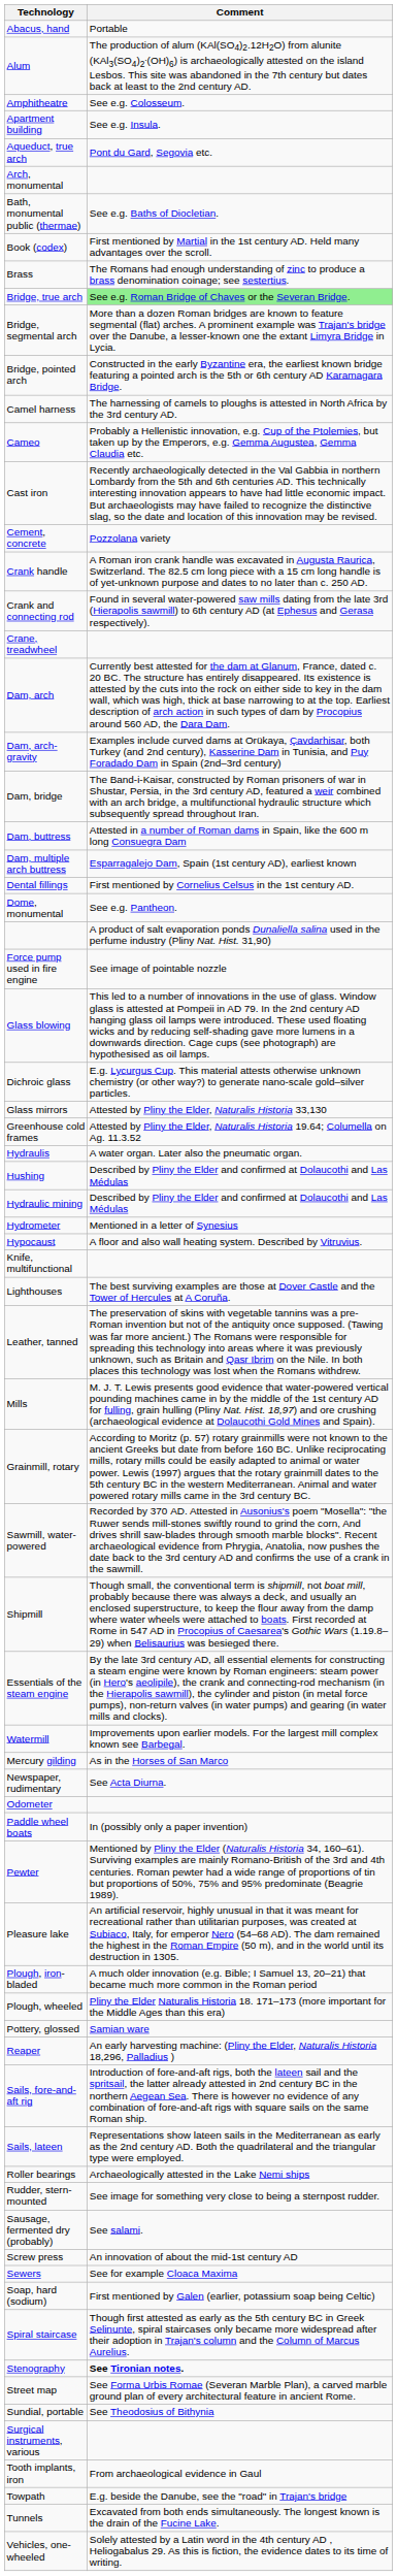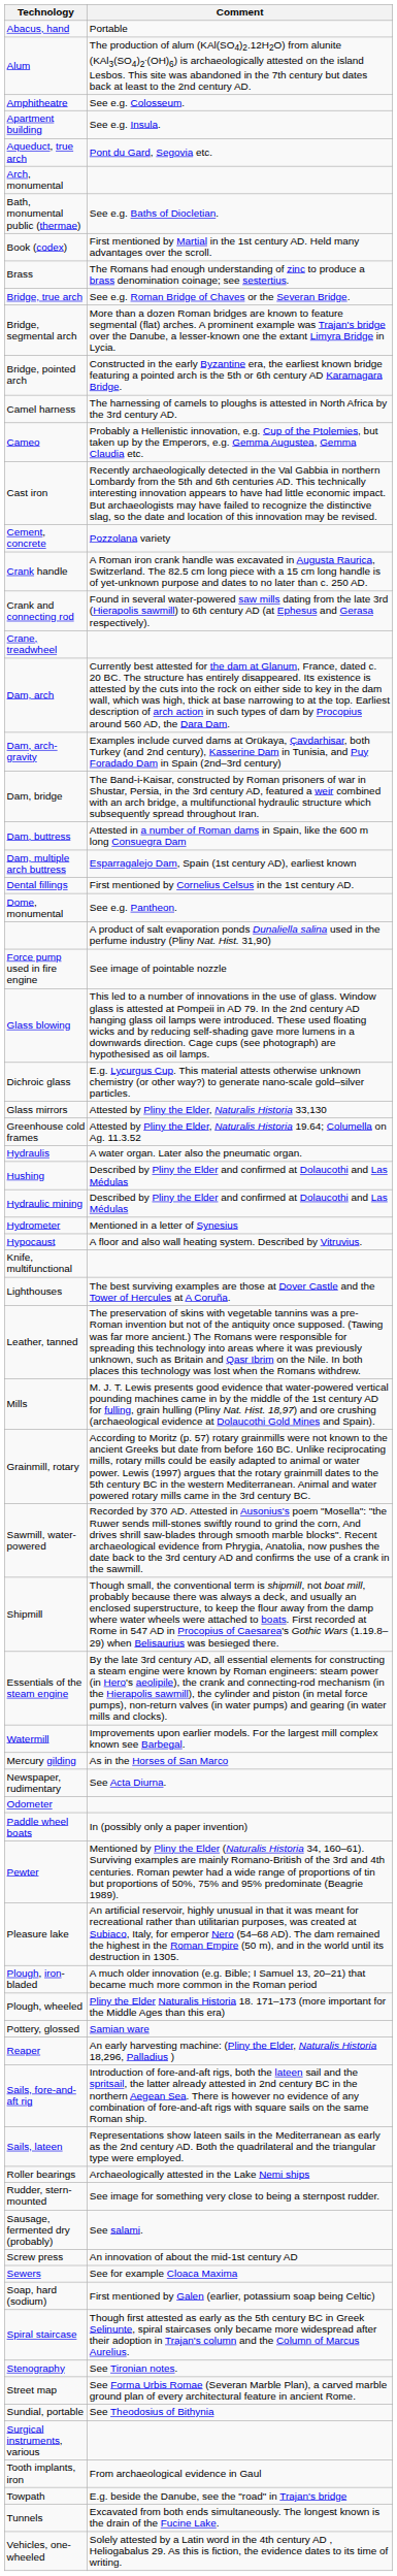 <table class="wikitable mw-collapsible">
 <tr>
 <th>Technology</th>
 <th>Comment</th>
 </tr>
 <tr>
 <td><a href='#'>Abacus, hand</a></td>
 <td>Portable</td>
 </tr>
 <tr>
 <td><a href='#'>Alum</a></td>
 <td>The production of alum (KAl(SO<sub>4</sub>)<sub>2</sub>.12H<sub>2</sub>O) from alunite (KAl<sub>3</sub>(SO<sub>4</sub>)<sub>2</sub><sup>.</sup>(OH)<sub>6</sub>) is archaeologically attested on the island Lesbos. This site was abandoned in the 7th century but dates back at least to the 2nd century AD.</td>
 </tr>
 <tr>
 <td><a href='#'>Amphitheatre</a></td>
 <td>See e.g. <a href='#'>Colosseum</a>.</td>
 </tr>
 <tr>
 <td><a href='#'>Apartment building</a></td>
 <td>See e.g. <a href='#'>Insula</a>.</td>
 </tr>
 <tr>
 <td><a href='#'>Aqueduct</a>, <a href='#'>true arch</a></td>
 <td><a href='#'>Pont du Gard</a>, <a href='#'>Segovia</a> etc.</td>
 </tr>
 <tr>
 <td><a href='#'>Arch</a>, monumental</td>
 <td></td>
 </tr>
 <tr>
 <td>Bath, monumental public (<a href='#'>thermae</a>)</td>
 <td>See e.g. <a href='#'>Baths of Diocletian</a>.</td>
 </tr>
 <tr>
 <td>Book (<a href='#'>codex</a>)</td>
 <td>First mentioned by <a href='#'>Martial</a> in the 1st century AD. Held many advantages over the scroll.</td>
 </tr>
 <tr>
 <td>Brass</td>
 <td>The Romans had enough understanding of <a href='#'>zinc</a> to produce a <a href='#'>brass</a> denomination coinage; see <a href='#'>sestertius</a>.</td>
 </tr>
 <tr>
 <td><a href='#'>Bridge, true arch</a></td>
-<td style="background: lightgreen;">See e.g. <a href='#'>Roman Bridge of Chaves</a> or the <a href='#'>Severan Bridge</a>.</td>
+<td>See e.g. <a href='#'>Roman Bridge of Chaves</a> or the <a href='#'>Severan Bridge</a>.</td>
 </tr>
 <tr>
 <td>Bridge, segmental arch</td>
 <td>More than a dozen Roman bridges are known to feature segmental (flat) arches. A prominent example was <a href='#'>Trajan's bridge</a> over the Danube, a lesser-known one the extant <a href='#'>Limyra Bridge</a> in Lycia.</td>
 </tr>
 <tr>
 <td>Bridge, pointed arch</td>
 <td>Constructed in the early <a href='#'>Byzantine</a> era, the earliest known bridge featuring a pointed arch is the 5th or 6th century AD <a href='#'>Karamagara Bridge</a>.</td>
 </tr>
 <tr>
 <td>Camel harness</td>
 <td>The harnessing of camels to ploughs is attested in North Africa by the 3rd century AD.</td>
 </tr>
 <tr>
 <td><a href='#'>Cameo</a></td>
 <td>Probably a Hellenistic innovation, e.g. <a href='#'>Cup of the Ptolemies</a>, but taken up by the Emperors, e.g. <a href='#'>Gemma Augustea</a>, <a href='#'>Gemma Claudia</a> etc.</td>
 </tr>
 <tr>
 <td>Cast iron</td>
 <td>Recently archaeologically detected in the Val Gabbia in northern Lombardy from the 5th and 6th centuries AD. This technically interesting innovation appears to have had little economic impact. But archaeologists may have failed to recognize the distinctive slag, so the date and location of this innovation may be revised.</td>
 </tr>
 <tr>
 <td><a href='#'>Cement</a>, <a href='#'>concrete</a></td>
 <td><a href='#'>Pozzolana</a> variety</td>
 </tr>
 <tr>
 <td><a href='#'>Crank</a> handle</td>
 <td>A Roman iron crank handle was excavated in <a href='#'>Augusta Raurica</a>, Switzerland. The 82.5 cm long piece with a 15 cm long handle is of yet-unknown purpose and dates to no later than c. 250 AD.</td>
 </tr>
 <tr>
 <td>Crank and <a href='#'>connecting rod</a></td>
 <td>Found in several water-powered <a href='#'>saw mills</a> dating from the late 3rd (<a href='#'>Hierapolis sawmill</a>) to 6th century AD (at <a href='#'>Ephesus</a> and <a href='#'>Gerasa</a> respectively).</td>
 </tr>
 <tr>
 <td><a href='#'>Crane, treadwheel</a></td>
 <td></td>
 </tr>
 <tr>
 <td><a href='#'>Dam, arch</a></td>
 <td>Currently best attested for <a href='#'>the dam at Glanum</a>, France, dated c. 20 BC. The structure has entirely disappeared. Its existence is attested by the cuts into the rock on either side to key in the dam wall, which was  high,  thick at base narrowing to  at the top. Earliest description of <a href='#'>arch action</a> in such types of dam by <a href='#'>Procopius</a> around 560 AD, the <a href='#'>Dara Dam</a>.</td>
 </tr>
 <tr>
 <td><a href='#'>Dam, arch-gravity</a></td>
 <td>Examples include curved dams at Orükaya, <a href='#'>Çavdarhisar</a>, both Turkey (and 2nd century), <a href='#'>Kasserine Dam</a> in Tunisia, and <a href='#'>Puy Foradado Dam</a> in Spain (2nd–3rd century)</td>
 </tr>
 <tr>
 <td>Dam, bridge</td>
 <td>The Band-i-Kaisar, constructed by Roman prisoners of war in Shustar, Persia, in the 3rd century AD, featured a <a href='#'>weir</a> combined with an arch bridge, a multifunctional hydraulic structure which subsequently spread throughout Iran.</td>
 </tr>
 <tr>
 <td><a href='#'>Dam, buttress</a></td>
 <td>Attested in <a href='#'>a number of Roman dams</a> in Spain, like the 600 m long <a href='#'>Consuegra Dam</a></td>
 </tr>
 <tr>
 <td><a href='#'>Dam, multiple arch buttress</a></td>
 <td><a href='#'>Esparragalejo Dam</a>, Spain (1st century AD), earliest known</td>
 </tr>
 <tr>
 <td><a href='#'>Dental fillings</a></td>
 <td>First mentioned by <a href='#'>Cornelius Celsus</a> in the 1st century AD.</td>
 </tr>
 <tr>
 <td><a href='#'>Dome</a>, monumental</td>
 <td>See e.g. <a href='#'>Pantheon</a>.</td>
 </tr>
 <tr>
 <td></td>
 <td>A product of salt evaporation ponds <em><a href='#'>Dunaliella salina</a></em> used in the perfume industry (Pliny <em>Nat. Hist.</em> 31,90)</td>
 </tr>
 <tr>
 <td><a href='#'>Force pump</a> used in fire engine</td>
 <td>See image of pointable nozzle</td>
 </tr>
 <tr>
 <td><a href='#'>Glass blowing</a></td>
 <td>This led to a number of innovations in the use of glass. Window glass is attested at Pompeii in AD 79. In the 2nd century AD hanging glass oil lamps were introduced. These used floating wicks and by reducing self-shading gave more lumens in a downwards direction. Cage cups (see photograph) are hypothesised as oil lamps.</td>
 </tr>
 <tr>
 <td>Dichroic glass</td>
 <td>E.g. <a href='#'>Lycurgus Cup</a>. This material attests otherwise unknown chemistry (or other way?) to generate nano-scale gold–silver particles.</td>
 </tr>
 <tr>
 <td>Glass mirrors</td>
 <td>Attested by <a href='#'>Pliny the Elder</a>, <em><a href='#'>Naturalis Historia</a></em> 33,130</td>
 </tr>
 <tr>
 <td>Greenhouse cold frames</td>
 <td>Attested by <a href='#'>Pliny the Elder</a>, <em><a href='#'>Naturalis Historia</a></em> 19.64; <a href='#'>Columella</a> on Ag. 11.3.52</td>
 </tr>
 <tr>
 <td><a href='#'>Hydraulis</a></td>
 <td>A water organ. Later also the pneumatic organ.</td>
 </tr>
 <tr>
 <td><a href='#'>Hushing</a></td>
 <td>Described by <a href='#'>Pliny the Elder</a> and confirmed at <a href='#'>Dolaucothi</a> and <a href='#'>Las Médulas</a></td>
 </tr>
 <tr>
 <td><a href='#'>Hydraulic mining</a></td>
 <td>Described by <a href='#'>Pliny the Elder</a> and confirmed at <a href='#'>Dolaucothi</a> and <a href='#'>Las Médulas</a></td>
 </tr>
 <tr>
 <td><a href='#'>Hydrometer</a></td>
 <td>Mentioned in a letter of <a href='#'>Synesius</a></td>
 </tr>
 <tr>
 <td><a href='#'>Hypocaust</a></td>
 <td>A floor and also wall heating system. Described by <a href='#'>Vitruvius</a>.</td>
 </tr>
 <tr>
 <td>Knife, multifunctional</td>
 <td></td>
 </tr>
 <tr>
 <td>Lighthouses</td>
 <td>The best surviving examples are those at <a href='#'>Dover Castle</a> and the <a href='#'>Tower of Hercules</a> at <a href='#'>A Coruña</a>.</td>
 </tr>
 <tr>
 <td>Leather, tanned</td>
 <td>The preservation of skins with vegetable tannins was a pre-Roman invention but not of the antiquity once supposed. (Tawing was far more ancient.) The Romans were responsible for spreading this technology into areas where it was previously unknown, such as Britain and <a href='#'>Qasr Ibrim</a> on the Nile. In both places this technology was lost when the Romans withdrew.</td>
 </tr>
 <tr>
 <td>Mills</td>
 <td>M. J. T. Lewis presents good evidence that water-powered vertical pounding machines came in by the middle of the 1st century AD for <a href='#'>fulling</a>, grain hulling (Pliny <em>Nat. Hist. 18,97</em>) and ore crushing (archaeological evidence at <a href='#'>Dolaucothi Gold Mines</a> and Spain).</td>
 </tr>
 <tr>
 <td>Grainmill, rotary</td>
 <td>According to Moritz (p. 57) rotary grainmills were not known to the ancient Greeks but date from before 160 BC. Unlike reciprocating mills, rotary mills could be easily adapted to animal or water power. Lewis (1997) argues that the rotary grainmill dates to the 5th century BC in the western Mediterranean. Animal and water powered rotary mills came in the 3rd century BC.</td>
 </tr>
 <tr>
 <td>Sawmill, water-powered</td>
 <td>Recorded by 370 AD. Attested in <a href='#'>Ausonius's</a> poem "Mosella": "the Ruwer sends mill-stones swiftly round to grind the corn, And drives shrill saw-blades through smooth marble blocks". Recent archaeological evidence from Phrygia, Anatolia, now pushes the date back to the 3rd century AD and confirms the use of a crank in the sawmill.</td>
 </tr>
 <tr>
 <td>Shipmill</td>
 <td>Though small, the conventional term is <em>shipmill</em>, not <em>boat mill</em>, probably because there was always a deck, and usually an enclosed superstructure, to keep the flour away from the damp where water wheels were attached to <a href='#'>boats</a>. First recorded at Rome in 547 AD in <a href='#'>Procopius of Caesarea</a>'s <em>Gothic Wars</em> (1.19.8–29) when <a href='#'>Belisaurius</a> was besieged there.</td>
 </tr>
 <tr>
 <td>Essentials of the <a href='#'>steam engine</a></td>
 <td>By the late 3rd century AD, all essential elements for constructing a steam engine were known by Roman engineers: steam power (in <a href='#'>Hero</a>'s <a href='#'>aeolipile</a>), the crank and connecting-rod mechanism (in the <a href='#'>Hierapolis sawmill</a>), the cylinder and piston (in metal force pumps), non-return valves (in water pumps) and gearing (in water mills and clocks).</td>
 </tr>
 <tr>
 <td><a href='#'>Watermill</a></td>
 <td>Improvements upon earlier models. For the largest mill complex known see <a href='#'>Barbegal</a>.</td>
 </tr>
 <tr>
 <td>Mercury <a href='#'>gilding</a></td>
 <td>As in the <a href='#'>Horses of San Marco</a></td>
 </tr>
 <tr>
 <td>Newspaper, rudimentary</td>
 <td>See <a href='#'>Acta Diurna</a>.</td>
 </tr>
 <tr>
 <td><a href='#'>Odometer</a></td>
 <td></td>
 </tr>
 <tr>
 <td><a href='#'>Paddle wheel boats</a></td>
 <td>In  (possibly only a paper invention)</td>
 </tr>
 <tr>
 <td><a href='#'>Pewter</a></td>
 <td>Mentioned by <a href='#'>Pliny the Elder</a> (<em><a href='#'>Naturalis Historia</a></em> 34, 160–61). Surviving examples are mainly Romano-British of the 3rd and 4th centuries. Roman pewter had a wide range of proportions of tin but proportions of 50%, 75% and 95% predominate (Beagrie 1989).</td>
 </tr>
 <tr>
 <td>Pleasure lake</td>
 <td>An artificial reservoir, highly unusual in that it was meant for recreational rather than utilitarian purposes, was created at <a href='#'>Subiaco</a>, Italy, for emperor <a href='#'>Nero</a> (54–68 AD). The dam remained the highest in the <a href='#'>Roman Empire</a> (50 m), and in the world until its destruction in 1305.</td>
 </tr>
 <tr>
 <td><a href='#'>Plough</a>, <a href='#'>iron</a>-bladed</td>
 <td>A much older innovation (e.g. Bible; I Samuel 13, 20–21) that became much more common in the Roman period</td>
 </tr>
 <tr>
 <td>Plough, wheeled</td>
 <td><a href='#'>Pliny the Elder</a> <a href='#'>Naturalis Historia</a> 18. 171–173 (more important for the Middle Ages than this era)</td>
 </tr>
 <tr>
 <td>Pottery, glossed</td>
 <td><a href='#'>Samian ware</a></td>
 </tr>
 <tr>
 <td><a href='#'>Reaper</a></td>
 <td>An early harvesting machine:  (<a href='#'>Pliny the Elder</a>, <em><a href='#'>Naturalis Historia</a></em> 18,296, <a href='#'>Palladius</a> )</td>
 </tr>
 <tr>
 <td><a href='#'>Sails, fore-and-aft rig</a></td>
 <td>Introduction of fore-and-aft rigs, both the <a href='#'>lateen</a> sail and the <a href='#'>spritsail</a>, the latter already attested in 2nd century BC in the northern <a href='#'>Aegean Sea</a>. There is however no evidence of any combination of fore-and-aft rigs with square sails on the same Roman ship.</td>
 </tr>
 <tr>
 <td><a href='#'>Sails, lateen</a></td>
 <td>Representations show lateen sails in the Mediterranean as early as the 2nd century AD. Both the quadrilateral and the triangular type were employed.</td>
 </tr>
 <tr>
 <td>Roller bearings</td>
 <td>Archaeologically attested in the Lake <a href='#'>Nemi ships</a></td>
 </tr>
 <tr>
 <td>Rudder, stern-mounted</td>
 <td>See image for something very close to being a sternpost rudder.</td>
 </tr>
 <tr>
 <td>Sausage, fermented dry (probably)</td>
 <td>See <a href='#'>salami</a>.</td>
 </tr>
 <tr>
 <td>Screw press</td>
 <td>An innovation of about the mid-1st century AD</td>
 </tr>
 <tr>
 <td><a href='#'>Sewers</a></td>
 <td>See for example <a href='#'>Cloaca Maxima</a></td>
 </tr>
 <tr>
 <td>Soap, hard (sodium)</td>
 <td>First mentioned by <a href='#'>Galen</a> (earlier, potassium soap being Celtic)</td>
 </tr>
 <tr>
 <td><a href='#'>Spiral staircase</a></td>
 <td>Though first attested as early as the 5th century BC in Greek <a href='#'>Selinunte</a>, spiral staircases only became more widespread after their adoption in <a href='#'>Trajan's column</a> and the <a href='#'>Column of Marcus Aurelius</a>.</td>
 </tr>
 <tr>
 <td><a href='#'>Stenography</a></td>
-<td><strong>See <a href='#'>Tironian notes</a>.</strong></td>
+<td>See <a href='#'>Tironian notes</a>.</td>
 </tr>
 <tr>
 <td>Street map</td>
 <td>See <a href='#'>Forma Urbis Romae</a> (Severan Marble Plan), a carved marble ground plan of every architectural feature in ancient Rome.</td>
 </tr>
 <tr>
 <td>Sundial, portable</td>
 <td>See <a href='#'>Theodosius of Bithynia</a></td>
 </tr>
 <tr>
 <td><a href='#'>Surgical instruments</a>, various</td>
 <td></td>
 </tr>
 <tr>
 <td>Tooth implants, iron</td>
 <td>From archaeological evidence in Gaul</td>
 </tr>
 <tr>
 <td>Towpath</td>
 <td>E.g. beside the Danube, see the "road" in <a href='#'>Trajan's bridge</a></td>
 </tr>
 <tr>
 <td>Tunnels</td>
 <td>Excavated from both ends simultaneously. The longest known is the  drain of the <a href='#'>Fucine Lake</a>.</td>
 </tr>
 <tr>
 <td>Vehicles, one-wheeled</td>
 <td>Solely attested by a Latin word in the 4th century AD , Heliogabalus 29. As this is fiction, the evidence dates to its time of writing.</td>
 </tr>
 </table>
